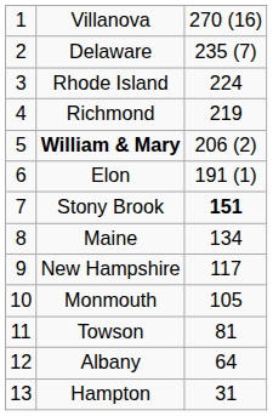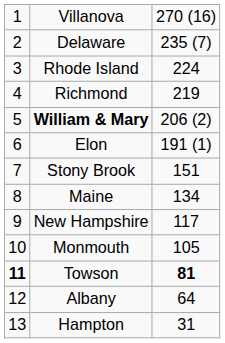 <table class="wikitable">
 <tr align="center">
 </tr>
 <tr align="center">
 <td>1</td>
 <td>Villanova</td>
 <td>270 (16)</td>
 </tr>
 <tr align="center">
 <td>2</td>
 <td>Delaware</td>
 <td>235 (7)</td>
 </tr>
 <tr align="center">
 <td>3</td>
 <td>Rhode Island</td>
 <td>224</td>
 </tr>
 <tr align="center">
 <td>4</td>
 <td>Richmond</td>
 <td>219</td>
 </tr>
 <tr align="center">
 <td>5</td>
 <td><strong>William & Mary</strong></td>
 <td>206 (2)</td>
 </tr>
 <tr align="center">
 <td>6</td>
 <td>Elon</td>
 <td>191 (1)</td>
 </tr>
 <tr align="center">
 <td>7</td>
 <td>Stony Brook</td>
-<td><strong>151</strong></td>
+<td>151</td>
 </tr>
 <tr align="center">
 <td>8</td>
 <td>Maine</td>
 <td>134</td>
 </tr>
 <tr align="center">
 <td>9</td>
 <td>New Hampshire</td>
 <td>117</td>
 </tr>
 <tr align="center">
 <td>10</td>
 <td>Monmouth</td>
 <td>105</td>
 </tr>
 <tr align="center">
-<td>11</td>
+<td><strong>11</strong></td>
 <td>Towson</td>
-<td>81</td>
+<td><strong>81</strong></td>
 </tr>
 <tr align="center">
 <td>12</td>
 <td>Albany</td>
 <td>64</td>
 </tr>
 <tr align="center">
 <td>13</td>
 <td>Hampton</td>
 <td>31</td>
 </tr>
 </table>
